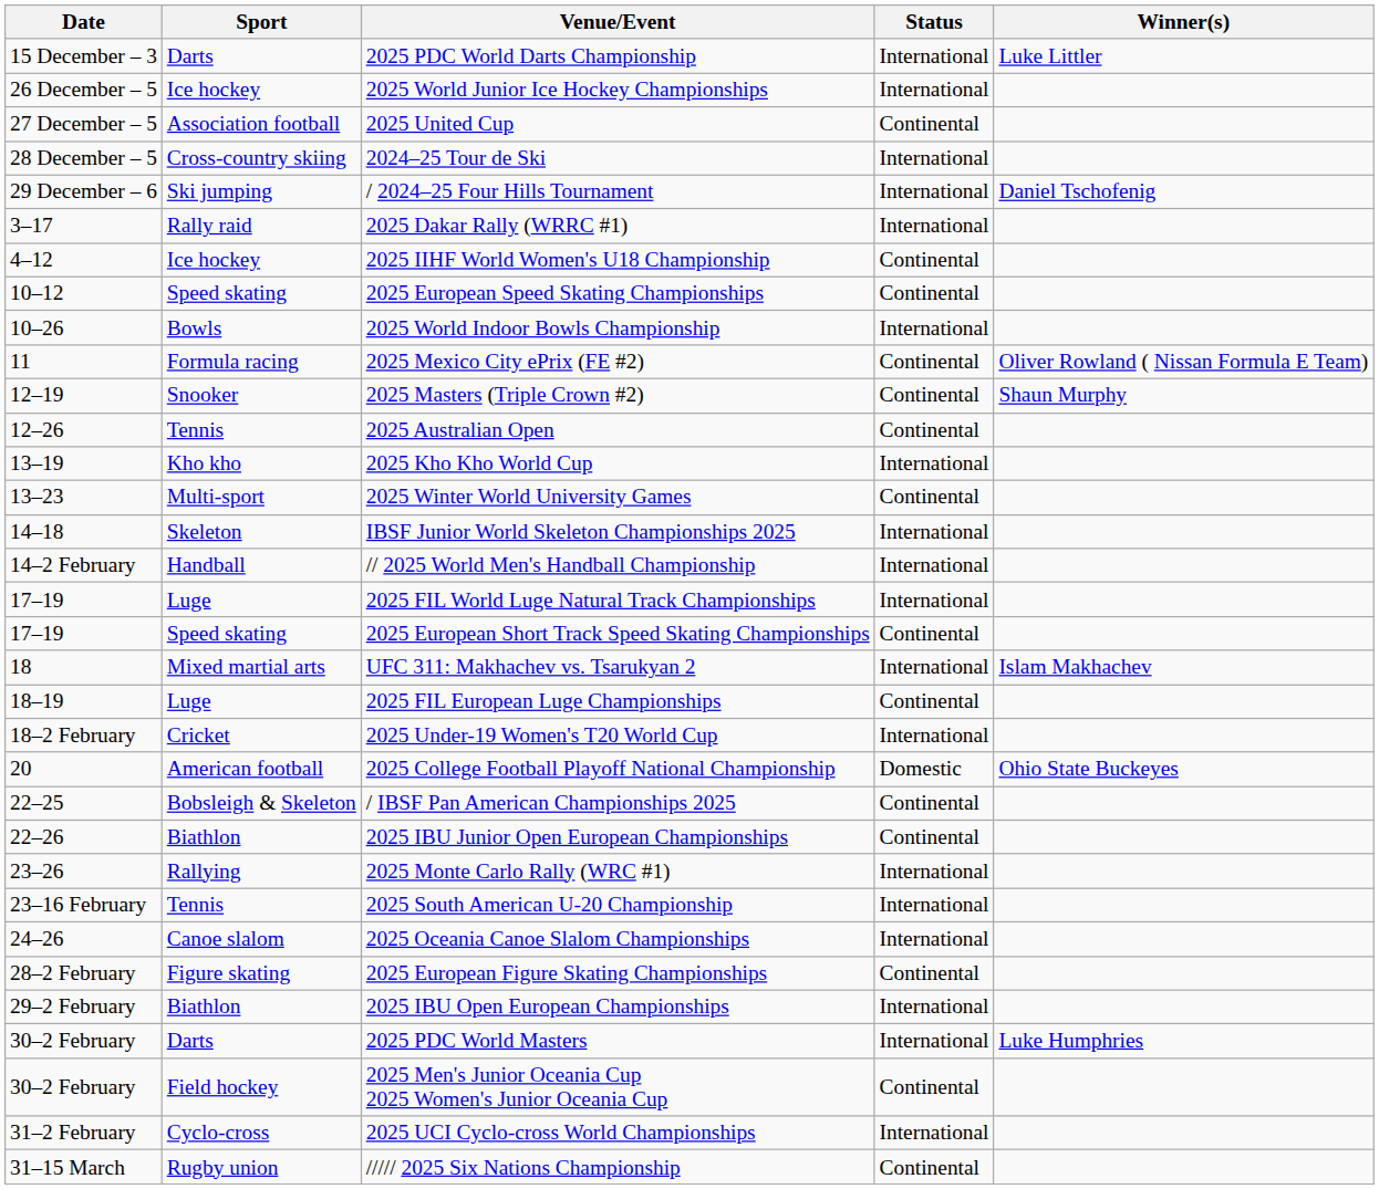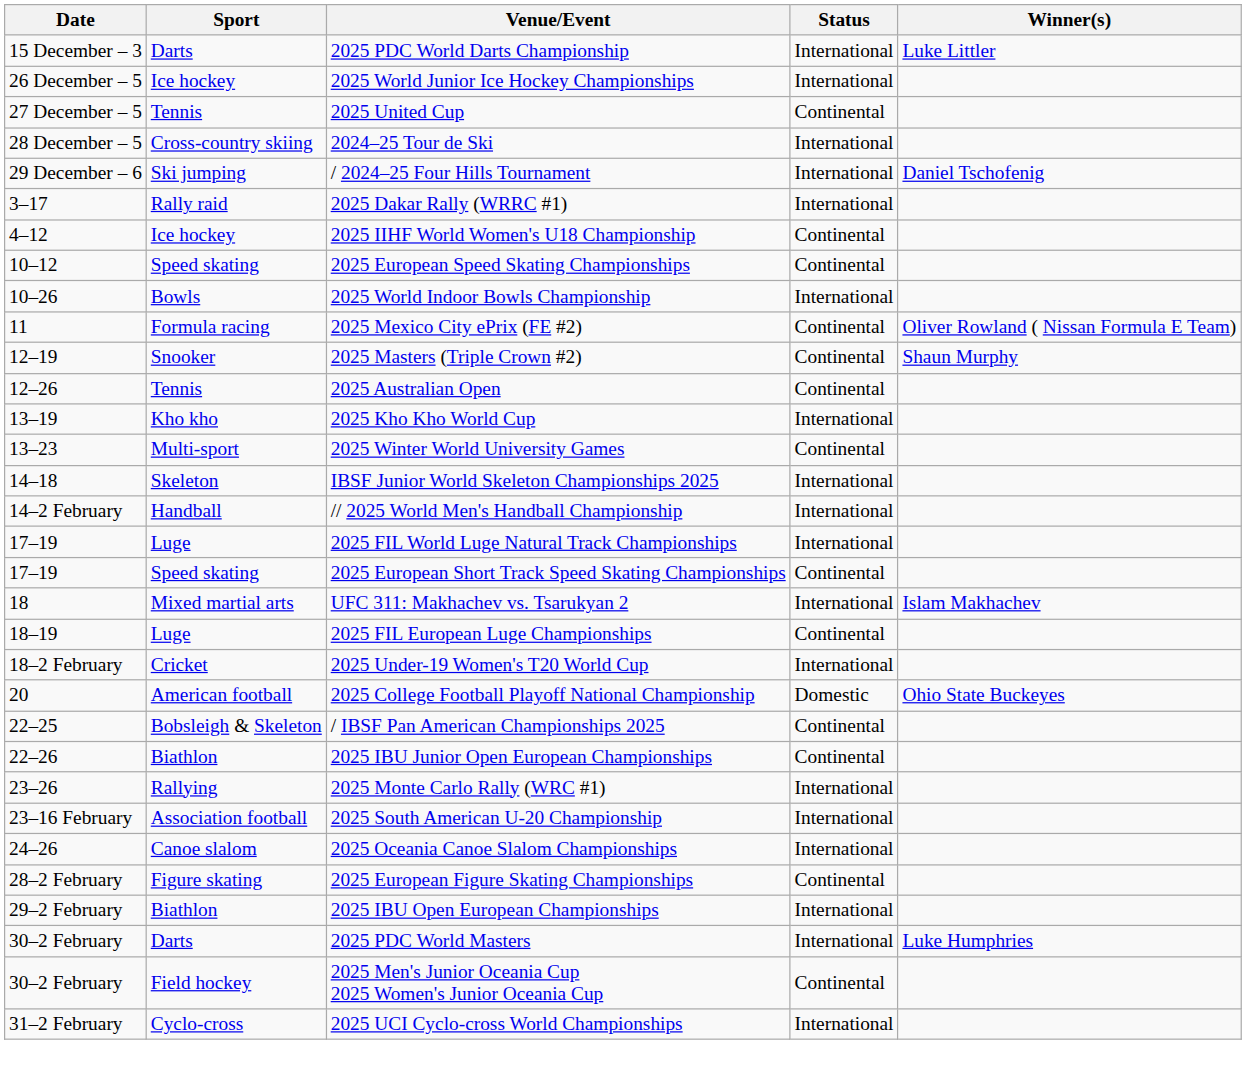 <table class="wikitable source">
 <tr>
 <th>Date</th>
 <th>Sport</th>
 <th>Venue/Event</th>
 <th>Status</th>
 <th>Winner(s)</th>
 </tr>
 <tr>
 <td>15 December – 3</td>
 <td><a href='#'>Darts</a></td>
 <td> <a href='#'>2025 PDC World Darts Championship</a></td>
 <td>International</td>
 <td> <a href='#'>Luke Littler</a></td>
 </tr>
 <tr>
 <td>26 December – 5</td>
 <td><a href='#'>Ice hockey</a></td>
 <td> <a href='#'>2025 World Junior Ice Hockey Championships</a></td>
 <td>International</td>
 <td></td>
 </tr>
 <tr>
 <td>27 December – 5</td>
-<td><a href='#'>Association football</a></td>
+<td><a href='#'>Tennis</a></td>
 <td> <a href='#'>2025 United Cup</a></td>
 <td>Continental</td>
 <td></td>
 </tr>
 <tr>
 <td>28 December – 5</td>
 <td><a href='#'>Cross-country skiing</a></td>
 <td> <a href='#'>2024–25 Tour de Ski</a></td>
 <td>International</td>
 <td></td>
 </tr>
 <tr>
 <td>29 December – 6</td>
 <td><a href='#'>Ski jumping</a></td>
 <td>/ <a href='#'>2024–25 Four Hills Tournament</a></td>
 <td>International</td>
 <td> <a href='#'>Daniel Tschofenig</a></td>
 </tr>
 <tr>
 <td>3–17</td>
 <td><a href='#'>Rally raid</a></td>
 <td> <a href='#'>2025 Dakar Rally</a> (<a href='#'>WRRC</a> #1)</td>
 <td>International</td>
 <td></td>
 </tr>
 <tr>
 <td>4–12</td>
 <td><a href='#'>Ice hockey</a></td>
 <td> <a href='#'>2025 IIHF World Women's U18 Championship</a></td>
 <td>Continental</td>
 <td></td>
 </tr>
 <tr>
 <td>10–12</td>
 <td><a href='#'>Speed skating</a></td>
 <td> <a href='#'>2025 European Speed Skating Championships</a></td>
 <td>Continental</td>
 <td></td>
 </tr>
 <tr>
 <td>10–26</td>
 <td><a href='#'>Bowls</a></td>
 <td> <a href='#'>2025 World Indoor Bowls Championship</a></td>
 <td>International</td>
 <td></td>
 </tr>
 <tr>
 <td>11</td>
 <td><a href='#'>Formula racing</a></td>
 <td> <a href='#'>2025 Mexico City ePrix</a> (<a href='#'>FE</a> #2)</td>
 <td>Continental</td>
 <td> <a href='#'>Oliver Rowland</a> ( <a href='#'>Nissan Formula E Team</a>)</td>
 </tr>
 <tr>
 <td>12–19</td>
 <td><a href='#'>Snooker</a></td>
 <td> <a href='#'>2025 Masters</a> (<a href='#'>Triple Crown</a> #2)</td>
 <td>Continental</td>
 <td> <a href='#'>Shaun Murphy</a></td>
 </tr>
 <tr>
 <td>12–26</td>
 <td><a href='#'>Tennis</a></td>
 <td> <a href='#'>2025 Australian Open</a></td>
 <td>Continental</td>
 <td></td>
 </tr>
 <tr>
 <td>13–19</td>
 <td><a href='#'>Kho kho</a></td>
 <td> <a href='#'>2025 Kho Kho World Cup</a></td>
 <td>International</td>
 <td></td>
 </tr>
 <tr>
 <td>13–23</td>
 <td><a href='#'>Multi-sport</a></td>
 <td> <a href='#'>2025 Winter World University Games</a></td>
 <td>Continental</td>
 <td></td>
 </tr>
 <tr>
 <td>14–18</td>
 <td><a href='#'>Skeleton</a></td>
 <td> <a href='#'>IBSF Junior World Skeleton Championships 2025</a></td>
 <td>International</td>
 <td></td>
 </tr>
 <tr>
 <td>14–2 February</td>
 <td><a href='#'>Handball</a></td>
 <td>// <a href='#'>2025 World Men's Handball Championship</a></td>
 <td>International</td>
 <td></td>
 </tr>
 <tr>
 <td>17–19</td>
 <td><a href='#'>Luge</a></td>
 <td> <a href='#'>2025 FIL World Luge Natural Track Championships</a></td>
 <td>International</td>
 <td></td>
 </tr>
 <tr>
 <td>17–19</td>
 <td><a href='#'>Speed skating</a></td>
 <td> <a href='#'>2025 European Short Track Speed Skating Championships</a></td>
 <td>Continental</td>
 <td></td>
 </tr>
 <tr>
 <td>18</td>
 <td><a href='#'>Mixed martial arts</a></td>
 <td> <a href='#'>UFC 311: Makhachev vs. Tsarukyan 2</a></td>
 <td>International</td>
 <td> <a href='#'>Islam Makhachev</a></td>
 </tr>
 <tr>
 <td>18–19</td>
 <td><a href='#'>Luge</a></td>
 <td> <a href='#'>2025 FIL European Luge Championships</a></td>
 <td>Continental</td>
 <td></td>
 </tr>
 <tr>
 <td>18–2 February</td>
 <td><a href='#'>Cricket</a></td>
 <td> <a href='#'>2025 Under-19 Women's T20 World Cup</a></td>
 <td>International</td>
 <td></td>
 </tr>
 <tr>
 <td>20</td>
 <td><a href='#'>American football</a></td>
 <td> <a href='#'>2025 College Football Playoff National Championship</a></td>
 <td>Domestic</td>
 <td> <a href='#'>Ohio State Buckeyes</a></td>
 </tr>
 <tr>
 <td>22–25</td>
 <td><a href='#'>Bobsleigh</a> & <a href='#'>Skeleton</a></td>
 <td>/ <a href='#'>IBSF Pan American Championships 2025</a></td>
 <td>Continental</td>
 <td></td>
 </tr>
 <tr>
 <td>22–26</td>
 <td><a href='#'>Biathlon</a></td>
 <td> <a href='#'>2025 IBU Junior Open European Championships</a></td>
 <td>Continental</td>
 <td></td>
 </tr>
 <tr>
 <td>23–26</td>
 <td><a href='#'>Rallying</a></td>
 <td> <a href='#'>2025 Monte Carlo Rally</a> (<a href='#'>WRC</a> #1)</td>
 <td>International</td>
 <td></td>
 </tr>
 <tr>
 <td>23–16 February</td>
-<td><a href='#'>Tennis</a></td>
+<td><a href='#'>Association football</a></td>
 <td> <a href='#'>2025 South American U-20 Championship</a></td>
 <td>International</td>
 <td></td>
 </tr>
 <tr>
 <td>24–26</td>
 <td><a href='#'>Canoe slalom</a></td>
 <td> <a href='#'>2025 Oceania Canoe Slalom Championships</a></td>
 <td>International</td>
 <td></td>
 </tr>
 <tr>
 <td>28–2 February</td>
 <td><a href='#'>Figure skating</a></td>
 <td> <a href='#'>2025 European Figure Skating Championships</a></td>
 <td>Continental</td>
 <td></td>
 </tr>
 <tr>
 <td>29–2 February</td>
 <td><a href='#'>Biathlon</a></td>
 <td> <a href='#'>2025 IBU Open European Championships</a></td>
 <td>International</td>
 <td></td>
 </tr>
 <tr>
 <td>30–2 February</td>
 <td><a href='#'>Darts</a></td>
 <td> <a href='#'>2025 PDC World Masters</a></td>
 <td>International</td>
 <td> <a href='#'>Luke Humphries</a></td>
 </tr>
 <tr>
 <td>30–2 February</td>
 <td><a href='#'>Field hockey</a></td>
 <td> <a href='#'>2025 Men's Junior Oceania Cup</a><br> <a href='#'>2025 Women's Junior Oceania Cup</a></td>
 <td>Continental</td>
 <td></td>
 </tr>
 <tr>
 <td>31–2 February</td>
 <td><a href='#'>Cyclo-cross</a></td>
 <td> <a href='#'>2025 UCI Cyclo-cross World Championships</a></td>
 <td>International</td>
 <td></td>
 </tr>
-<tr>
-<td>31–15 March</td>
-<td><a href='#'>Rugby union</a></td>
-<td>///// <a href='#'>2025 Six Nations Championship</a></td>
-<td>Continental</td>
-<td></td>
-</tr>
 </table>
